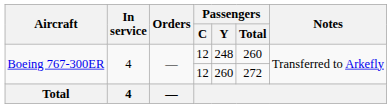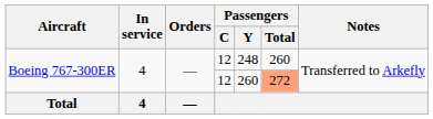 <table class="wikitable" style="margin:0.5em auto; text-align:center">
 <tr>
 <th rowspan=2>Aircraft</th>
 <th rowspan=2>In <br> service</th>
 <th rowspan=2>Orders</th>
 <th colspan=3>Passengers</th>
 <th rowspan=2>Notes</th>
 </tr>
 <tr>
 <th><abbr>C</abbr></th>
 <th><abbr>Y</abbr></th>
 <th>Total</th>
 </tr>
 <tr>
 <td rowspan=2><a href='#'>Boeing 767-300ER</a></td>
 <td rowspan=2>4</td>
 <td rowspan=2>—</td>
 <td>12</td>
 <td>248</td>
 <td>260</td>
 <td rowspan=2>Transferred to <a href='#'>Arkefly</a></td>
 </tr>
 <tr>
 <td>12</td>
 <td>260</td>
-<td>272</td>
+<td style="background: lightsalmon;">272</td>
 </tr>
 <tr>
 <th>Total</th>
 <th>4</th>
 <th>—</th>
 <th colspan=5></th>
 </tr>
 </table>
